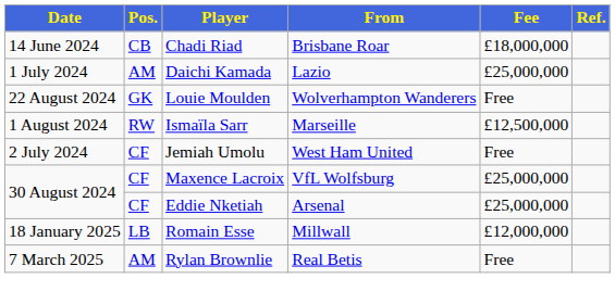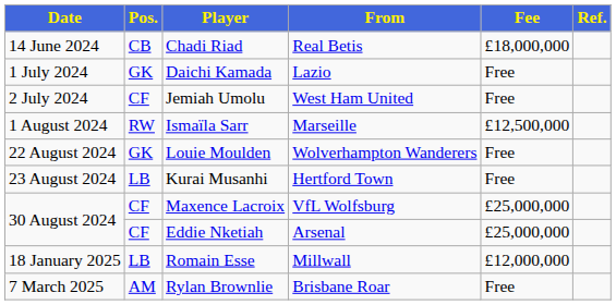 <table class="wikitable plainrowheaders sortable">
 <tr>
 <th style="background:#4267DC; color:#FFF000;">Date</th>
 <th style="background:#4267DC; color:#FFF000;">Pos.</th>
 <th style="background:#4267DC; color:#FFF000;">Player</th>
 <th style="background:#4267DC; color:#FFF000;">From</th>
 <th style="background:#4267DC; color:#FFF000;">Fee</th>
 <th style="background:#4267DC; color:#FFF000;">Ref.</th>
 </tr>
 <tr>
 <td>14 June 2024</td>
 <td><a href='#'>CB</a></td>
 <td> <a href='#'>Chadi Riad</a></td>
-<td> <a href='#'>Brisbane Roar</a></td>
+<td> <a href='#'>Real Betis</a></td>
 <td>£18,000,000</td>
 <td></td>
 </tr>
 <tr>
 <td>1 July 2024</td>
-<td><a href='#'>AM</a></td>
+<td><a href='#'>GK</a></td>
 <td> <a href='#'>Daichi Kamada</a></td>
 <td> <a href='#'>Lazio</a></td>
-<td>£25,000,000</td>
+<td>Free</td>
 <td></td>
 </tr>
 <tr>
-<td>22 August 2024</td>
-<td><a href='#'>GK</a></td>
-<td> <a href='#'>Louie Moulden</a></td>
-<td> <a href='#'>Wolverhampton Wanderers</a></td>
+<td>2 July 2024</td>
+<td><a href='#'>CF</a></td>
+<td> Jemiah Umolu</td>
+<td> <a href='#'>West Ham United</a></td>
 <td>Free</td>
 <td></td>
 </tr>
 <tr>
 <td>1 August 2024</td>
 <td><a href='#'>RW</a></td>
 <td> <a href='#'>Ismaïla Sarr</a></td>
 <td> <a href='#'>Marseille</a></td>
 <td>£12,500,000</td>
 <td></td>
 </tr>
 <tr>
-<td>2 July 2024</td>
-<td><a href='#'>CF</a></td>
-<td> Jemiah Umolu</td>
-<td> <a href='#'>West Ham United</a></td>
+<td>22 August 2024</td>
+<td><a href='#'>GK</a></td>
+<td> <a href='#'>Louie Moulden</a></td>
+<td> <a href='#'>Wolverhampton Wanderers</a></td>
+<td>Free</td>
+<td></td>
+</tr>
+<tr>
+<td>23 August 2024</td>
+<td><a href='#'>LB</a></td>
+<td> Kurai Musanhi</td>
+<td> <a href='#'>Hertford Town</a></td>
 <td>Free</td>
 <td></td>
 </tr>
 <tr>
 <td rowspan="2">30 August 2024</td>
 <td><a href='#'>CF</a></td>
 <td> <a href='#'>Maxence Lacroix</a></td>
 <td> <a href='#'>VfL Wolfsburg</a></td>
 <td>£25,000,000</td>
 <td></td>
 </tr>
 <tr>
 <td><a href='#'>CF</a></td>
 <td> <a href='#'>Eddie Nketiah</a></td>
 <td> <a href='#'>Arsenal</a></td>
 <td>£25,000,000</td>
 <td></td>
 </tr>
 <tr>
 <td>18 January 2025</td>
 <td><a href='#'>LB</a></td>
 <td> <a href='#'>Romain Esse</a></td>
 <td> <a href='#'>Millwall</a></td>
 <td>£12,000,000</td>
 <td></td>
 </tr>
 <tr>
 <td>7 March 2025</td>
 <td><a href='#'>AM</a></td>
 <td> <a href='#'>Rylan Brownlie</a></td>
-<td> <a href='#'>Real Betis</a></td>
+<td> <a href='#'>Brisbane Roar</a></td>
 <td>Free</td>
 <td></td>
 </tr>
 </table>
